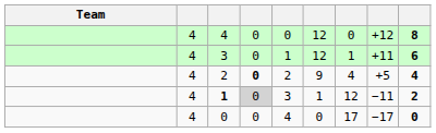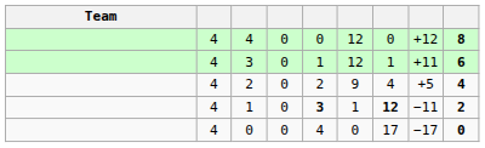 <table class="wikitable" style="text-align: center; font-size:90% ">
 <tr>
 <th width=160>Team</th>
 <th width=25></th>
 <th width=25></th>
 <th width=25></th>
 <th width=25></th>
 <th width=25></th>
 <th width=25></th>
 <th width=25></th>
 <th width=25></th>
 </tr>
 <tr bgcolor=ccffcc>
 <td align=left></td>
 <td>4</td>
 <td>4</td>
 <td>0</td>
 <td>0</td>
 <td>12</td>
 <td>0</td>
 <td>+12</td>
 <td><strong>8</strong></td>
 </tr>
 <tr bgcolor=ccffcc>
 <td align=left></td>
 <td>4</td>
 <td>3</td>
 <td>0</td>
 <td>1</td>
 <td>12</td>
 <td>1</td>
 <td>+11</td>
 <td><strong>6</strong></td>
 </tr>
 <tr>
 <td align=left></td>
 <td>4</td>
 <td>2</td>
-<td><strong>0</strong></td>
+<td>0</td>
 <td>2</td>
 <td>9</td>
 <td>4</td>
 <td>+5</td>
 <td><strong>4</strong></td>
 </tr>
 <tr>
 <td align=left></td>
 <td>4</td>
-<td><strong>1</strong></td>
-<td style="background: lightgrey;">0</td>
-<td>3</td>
 <td>1</td>
-<td>12</td>
+<td>0</td>
+<td><strong>3</strong></td>
+<td>1</td>
+<td><strong>12</strong></td>
 <td>−11</td>
 <td><strong>2</strong></td>
 </tr>
 <tr>
 <td align=left></td>
 <td>4</td>
 <td>0</td>
 <td>0</td>
 <td>4</td>
 <td>0</td>
 <td>17</td>
 <td>−17</td>
 <td><strong>0</strong></td>
 </tr>
 </table>
